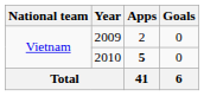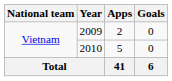 <table class=wikitable style=text-align:center>
 <tr>
 <th>National team</th>
 <th>Year</th>
 <th>Apps</th>
 <th>Goals</th>
 </tr>
 <tr>
 <td rowspan=2><a href='#'>Vietnam</a></td>
 <td>2009</td>
 <td>2</td>
 <td>0</td>
 </tr>
 <tr>
 <td>2010</td>
-<td><strong>5</strong></td>
+<td>5</td>
 <td>0</td>
 </tr>
 <tr>
 <th colspan=2>Total</th>
 <th>41</th>
 <th>6</th>
 </tr>
 </table>
